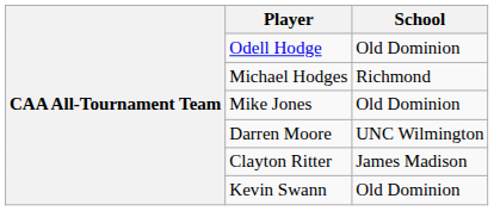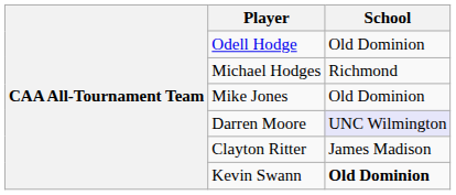 <table class="wikitable" border="1">
 <tr>
 <th rowspan=7 valign=middle>CAA All-Tournament Team</th>
 <th>Player</th>
 <th>School</th>
 </tr>
 <tr>
 <td><a href='#'>Odell Hodge</a></td>
 <td>Old Dominion</td>
 </tr>
 <tr>
 <td>Michael Hodges</td>
 <td>Richmond</td>
 </tr>
 <tr>
 <td>Mike Jones</td>
 <td>Old Dominion</td>
 </tr>
 <tr>
 <td>Darren Moore</td>
-<td>UNC Wilmington</td>
+<td style="background: lavender;">UNC Wilmington</td>
 </tr>
 <tr>
 <td>Clayton Ritter</td>
 <td>James Madison</td>
 </tr>
 <tr>
 <td>Kevin Swann</td>
-<td>Old Dominion</td>
+<td><strong>Old Dominion</strong></td>
 </tr>
 </table>
